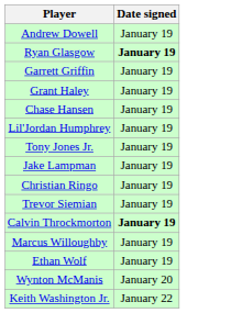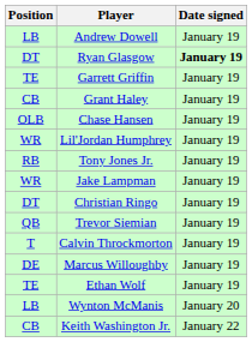 <table class="wikitable" style="text-align:center">
 <tr>
+<th>Position</th>
 <th>Player</th>
 <th>Date signed</th>
 </tr>
 <tr style="background:#cfc">
+<td><a href='#'>LB</a></td>
 <td><a href='#'>Andrew Dowell</a></td>
 <td>January 19</td>
 </tr>
 <tr style="background:#cfc">
+<td><a href='#'>DT</a></td>
 <td><a href='#'>Ryan Glasgow</a></td>
 <td><strong>January 19</strong></td>
 </tr>
 <tr style="background:#cfc">
+<td><a href='#'>TE</a></td>
 <td><a href='#'>Garrett Griffin</a></td>
 <td>January 19</td>
 </tr>
 <tr style="background:#cfc">
+<td><a href='#'>CB</a></td>
 <td><a href='#'>Grant Haley</a></td>
 <td>January 19</td>
 </tr>
 <tr style="background:#cfc">
+<td><a href='#'>OLB</a></td>
 <td><a href='#'>Chase Hansen</a></td>
 <td>January 19</td>
 </tr>
 <tr style="background:#cfc">
+<td><a href='#'>WR</a></td>
 <td><a href='#'>Lil'Jordan Humphrey</a></td>
 <td>January 19</td>
 </tr>
 <tr style="background:#cfc">
+<td><a href='#'>RB</a></td>
 <td><a href='#'>Tony Jones Jr.</a></td>
 <td>January 19</td>
 </tr>
 <tr style="background:#cfc">
+<td><a href='#'>WR</a></td>
 <td><a href='#'>Jake Lampman</a></td>
 <td>January 19</td>
 </tr>
 <tr style="background:#cfc">
+<td><a href='#'>DT</a></td>
 <td><a href='#'>Christian Ringo</a></td>
 <td>January 19</td>
 </tr>
 <tr style="background:#cfc">
+<td><a href='#'>QB</a></td>
 <td><a href='#'>Trevor Siemian</a></td>
 <td>January 19</td>
 </tr>
 <tr style="background:#cfc">
+<td><a href='#'>T</a></td>
 <td><a href='#'>Calvin Throckmorton</a></td>
-<td><strong>January 19</strong></td>
+<td>January 19</td>
 </tr>
 <tr style="background:#cfc">
+<td><a href='#'>DE</a></td>
 <td><a href='#'>Marcus Willoughby</a></td>
 <td>January 19</td>
 </tr>
 <tr style="background:#cfc">
+<td><a href='#'>TE</a></td>
 <td><a href='#'>Ethan Wolf</a></td>
 <td>January 19</td>
 </tr>
 <tr style="background:#cfc">
+<td><a href='#'>LB</a></td>
 <td><a href='#'>Wynton McManis</a></td>
 <td>January 20</td>
 </tr>
 <tr style="background:#cfc">
+<td><a href='#'>CB</a></td>
 <td><a href='#'>Keith Washington Jr.</a></td>
 <td>January 22</td>
 </tr>
 </table>
